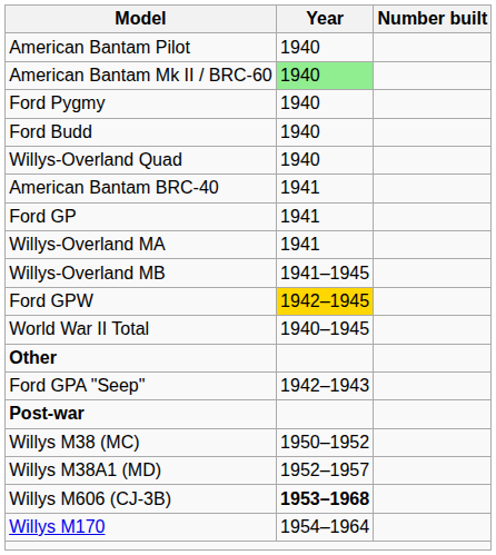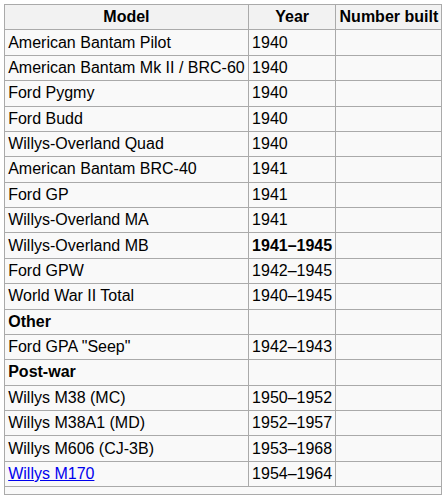 <table class="wikitable">
 <tr>
 <th>Model</th>
 <th>Year</th>
 <th>Number built</th>
 </tr>
 <tr>
 <td>American Bantam Pilot</td>
 <td>1940</td>
 <td></td>
 </tr>
 <tr>
 <td>American Bantam Mk II / BRC-60</td>
-<td style="background: lightgreen;">1940</td>
+<td>1940</td>
 <td></td>
 </tr>
 <tr>
 <td>Ford Pygmy</td>
 <td>1940</td>
 <td></td>
 </tr>
 <tr>
 <td>Ford Budd</td>
 <td>1940</td>
 <td></td>
 </tr>
 <tr>
 <td>Willys-Overland Quad</td>
 <td>1940</td>
 <td></td>
 </tr>
 <tr>
 <td>American Bantam BRC-40</td>
 <td>1941</td>
 <td></td>
 </tr>
 <tr>
 <td>Ford GP</td>
 <td>1941</td>
 <td></td>
 </tr>
 <tr>
 <td>Willys-Overland MA</td>
 <td>1941</td>
 <td></td>
 </tr>
 <tr>
 <td>Willys-Overland MB</td>
-<td>1941–1945</td>
+<td><strong>1941–1945</strong></td>
 <td></td>
 </tr>
 <tr>
 <td>Ford GPW </td>
-<td style="background: gold;">1942–1945</td>
+<td>1942–1945</td>
 <td></td>
 </tr>
 <tr>
 <td>World War II Total</td>
 <td>1940–1945</td>
 <td></td>
 </tr>
 <tr>
 <td><strong>Other</strong></td>
 <td></td>
 <td></td>
 </tr>
 <tr>
 <td>Ford GPA "Seep"</td>
 <td>1942–1943</td>
 <td></td>
 </tr>
 <tr>
 <td><strong>Post-war</strong></td>
 <td></td>
 <td></td>
 </tr>
 <tr>
 <td>Willys M38 (MC)</td>
 <td>1950–1952</td>
 <td></td>
 </tr>
 <tr>
 <td>Willys M38A1 (MD)</td>
 <td>1952–1957</td>
 <td></td>
 </tr>
 <tr>
 <td>Willys M606 (CJ-3B)</td>
-<td><strong>1953–1968</strong></td>
+<td>1953–1968</td>
 <td></td>
 </tr>
 <tr>
 <td><a href='#'>Willys M170</a></td>
 <td>1954–1964</td>
 <td></td>
 </tr>
 <tr>
 <td colspan=3></td>
 </tr>
 </table>
